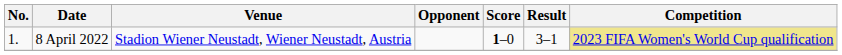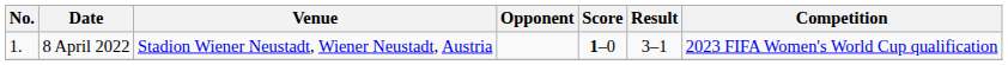 <table class="wikitable">
 <tr>
 <th>No.</th>
 <th>Date</th>
 <th>Venue</th>
 <th>Opponent</th>
 <th>Score</th>
 <th>Result</th>
 <th>Competition</th>
 </tr>
 <tr>
 <td>1.</td>
 <td>8 April 2022</td>
 <td><a href='#'>Stadion Wiener Neustadt</a>, <a href='#'>Wiener Neustadt</a>, <a href='#'>Austria</a></td>
 <td></td>
 <td align=center><strong>1</strong>–0</td>
 <td align=center>3–1</td>
-<td style="background: khaki;"><a href='#'>2023 FIFA Women's World Cup qualification</a></td>
+<td><a href='#'>2023 FIFA Women's World Cup qualification</a></td>
 </tr>
 <tr>
 </tr>
 </table>
